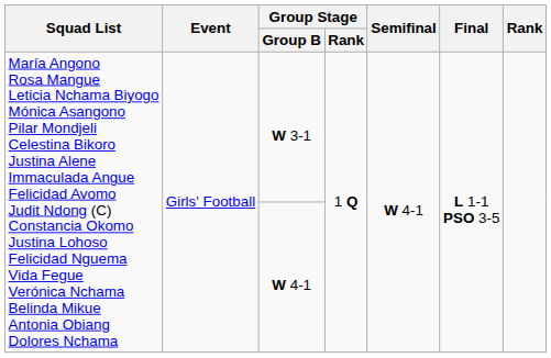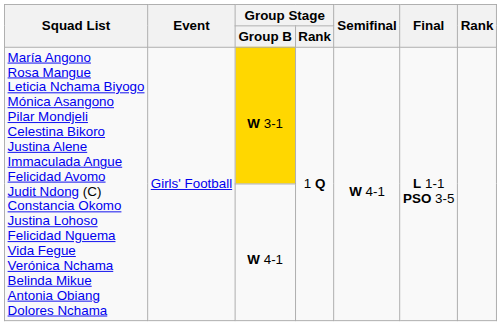 <table class=wikitable style="font-size:90%">
 <tr>
 <th rowspan=2>Squad List</th>
 <th rowspan=2>Event</th>
 <th colspan=2>Group Stage</th>
 <th rowspan=2>Semifinal</th>
 <th rowspan=2>Final</th>
 <th rowspan=2>Rank</th>
 </tr>
 <tr>
 <th>Group B</th>
 <th>Rank</th>
 </tr>
 <tr>
 <td rowspan=2><a href='#'>María Angono</a><br><a href='#'>Rosa Mangue</a><br><a href='#'>Leticia Nchama Biyogo</a><br><a href='#'>Mónica Asangono</a><br><a href='#'>Pilar Mondjeli</a><br><a href='#'>Celestina Bikoro</a><br><a href='#'>Justina Alene</a><br><a href='#'>Immaculada Angue</a><br><a href='#'>Felicidad Avomo</a><br><a href='#'>Judit Ndong</a> (C)<br><a href='#'>Constancia Okomo</a><br><a href='#'>Justina Lohoso</a><br><a href='#'>Felicidad Nguema</a><br><a href='#'>Vida Fegue</a><br><a href='#'>Verónica Nchama</a><br><a href='#'>Belinda Mikue</a><br><a href='#'>Antonia Obiang</a><br><a href='#'>Dolores Nchama</a></td>
 <td rowspan=2><a href='#'>Girls' Football</a></td>
-<td align=center><br> <strong>W</strong> 3-1</td>
+<td align=center style="background: gold;"><br> <strong>W</strong> 3-1</td>
 <td rowspan=2 align=center>1 <strong>Q</strong></td>
 <td rowspan=2 align=center><br> <strong>W</strong> 4-1</td>
 <td rowspan=2 align=center><br> <strong>L</strong> 1-1<br> <strong>PSO</strong> 3-5</td>
 <td rowspan=2 align=center></td>
 </tr>
 <tr>
 <td align=center><br> <strong>W</strong> 4-1</td>
 </tr>
 </table>
